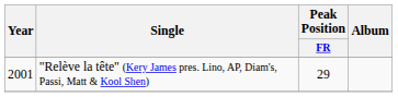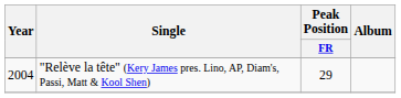 <table class="wikitable plainrowheaders" style="text-align:center;" border="1">
 <tr>
 <th scope="col" rowspan="2" width="10">Year</th>
 <th scope="col" rowspan="2" style="width:20em;">Single</th>
 <th scope="col" colspan="1">Peak Position</th>
 <th scope="col" rowspan="2">Album</th>
 </tr>
 <tr>
 <th scope="col" style="width:3em;font-size:85%;"><a href='#'>FR</a><br></th>
 </tr>
 <tr>
 </tr>
 <tr>
-<td>2001</td>
+<td>2004</td>
 <td style="text-align:left;">"Relève la tête" <small>(<a href='#'>Kery James</a> pres. Lino, AP, Diam's, Passi, Matt & <a href='#'>Kool Shen</a>)</small></td>
 <td>29</td>
 <td style="text-align:left;"></td>
 </tr>
 <tr>
 </tr>
 </table>
